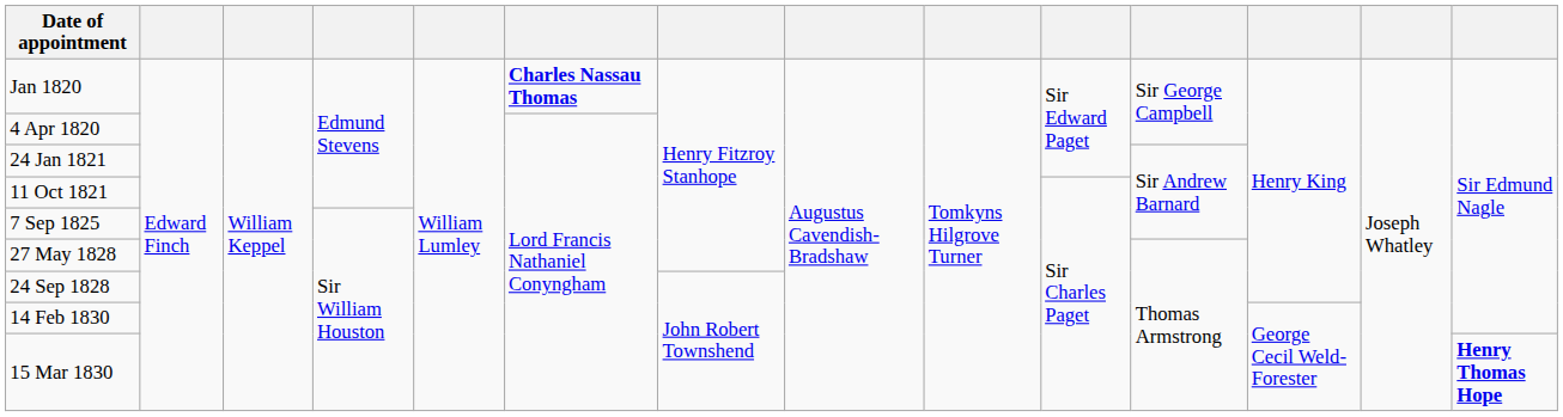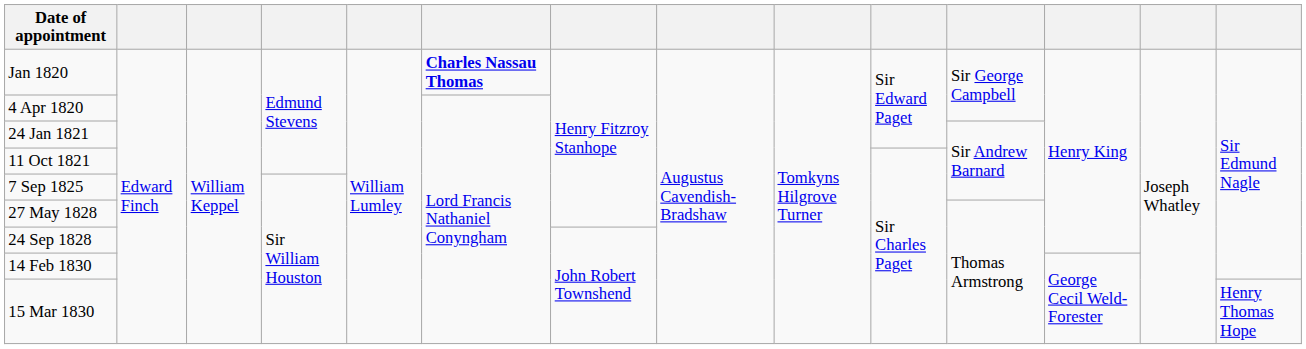 <table class="wikitable">
 <tr>
 <th>Date of appointment</th>
 <th></th>
 <th></th>
 <th></th>
 <th></th>
 <th></th>
 <th></th>
 <th></th>
 <th></th>
 <th></th>
 <th></th>
 <th></th>
 <th></th>
 <th></th>
 </tr>
 <tr>
 <td>Jan 1820</td>
 <td rowspan=9><a href='#'>Edward Finch</a></td>
 <td rowspan=9><a href='#'>William Keppel</a></td>
 <td rowspan=4><a href='#'>Edmund Stevens</a></td>
 <td rowspan=9><a href='#'>William Lumley</a></td>
 <td><strong><a href='#'>Charles Nassau Thomas</a></strong></td>
 <td rowspan=6><a href='#'>Henry Fitzroy Stanhope</a></td>
 <td rowspan=9><a href='#'>Augustus Cavendish-Bradshaw</a></td>
 <td rowspan=9><a href='#'>Tomkyns Hilgrove Turner</a></td>
 <td rowspan=3>Sir <a href='#'>Edward Paget</a></td>
 <td rowspan=2>Sir <a href='#'>George Campbell</a></td>
 <td rowspan=7><a href='#'>Henry King</a></td>
 <td rowspan=9>Joseph Whatley</td>
 <td rowspan=8><a href='#'>Sir Edmund Nagle</a></td>
 </tr>
 <tr>
 <td>4 Apr 1820</td>
 <td rowspan=8><a href='#'>Lord Francis Nathaniel Conyngham</a></td>
 </tr>
 <tr>
 <td>24 Jan 1821</td>
 <td rowspan=3>Sir <a href='#'>Andrew Barnard</a></td>
 </tr>
 <tr>
 <td>11 Oct 1821</td>
 <td rowspan=6>Sir <a href='#'>Charles Paget</a></td>
 </tr>
 <tr>
 <td>7 Sep 1825</td>
 <td rowspan=5>Sir <a href='#'>William Houston</a></td>
 </tr>
 <tr>
 <td>27 May 1828</td>
 <td rowspan=4>Thomas Armstrong </td>
 </tr>
 <tr>
 <td>24 Sep 1828</td>
 <td rowspan=3><a href='#'>John Robert Townshend</a></td>
 </tr>
 <tr>
 <td>14 Feb 1830</td>
 <td rowspan=2><a href='#'>George Cecil Weld-Forester</a></td>
 </tr>
 <tr>
 <td>15 Mar 1830</td>
-<td><strong><a href='#'>Henry Thomas Hope</a></strong></td>
+<td><a href='#'>Henry Thomas Hope</a></td>
 </tr>
 </table>
